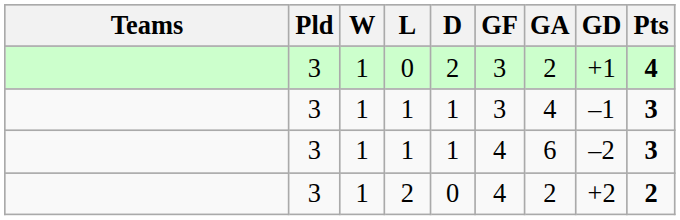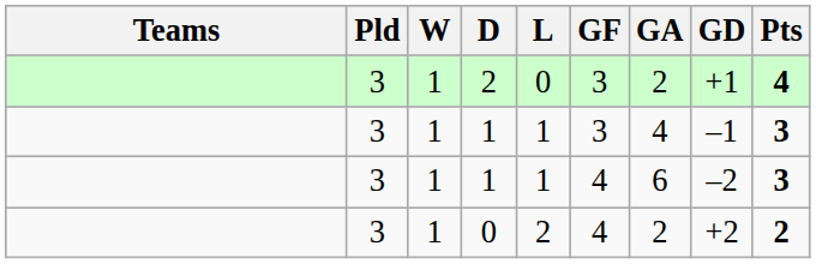 <table class="wikitable" style="text-align: center;">
 <tr>
 <th width=165>Teams</th>
 <th width=20>Pld</th>
 <th width=20>W</th>
+<th width=20>D</th>
 <th width=20>L</th>
-<th width=20>D</th>
 <th width=20>GF</th>
 <th width=20>GA</th>
 <th width=20>GD</th>
 <th width=20>Pts</th>
 </tr>
 <tr align=center style="background:#ccffcc;">
 <td style="text-align:left;"></td>
 <td>3</td>
 <td>1</td>
+<td>2</td>
 <td>0</td>
-<td>2</td>
 <td>3</td>
 <td>2</td>
 <td>+1</td>
 <td><strong>4</strong></td>
 </tr>
 <tr align=center>
 <td style="text-align:left;"></td>
 <td>3</td>
 <td>1</td>
 <td>1</td>
 <td>1</td>
 <td>3</td>
 <td>4</td>
 <td>–1</td>
 <td><strong>3</strong></td>
 </tr>
 <tr align=center>
 <td style="text-align:left;"></td>
 <td>3</td>
 <td>1</td>
 <td>1</td>
 <td>1</td>
 <td>4</td>
 <td>6</td>
 <td>–2</td>
 <td><strong>3</strong></td>
 </tr>
 <tr align=center>
 <td style="text-align:left;"></td>
 <td>3</td>
 <td>1</td>
+<td>0</td>
 <td>2</td>
-<td>0</td>
 <td>4</td>
 <td>2</td>
 <td>+2</td>
 <td><strong>2</strong></td>
 </tr>
 </table>
